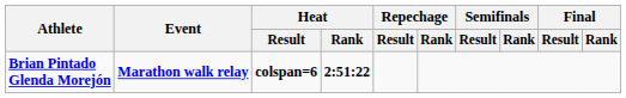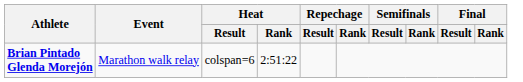 <table class="wikitable" style="font-size:90%">
 <tr>
 <th rowspan="2">Athlete</th>
 <th rowspan="2">Event</th>
 <th colspan="2">Heat</th>
 <th colspan="2">Repechage</th>
 <th colspan="2">Semifinals</th>
 <th colspan="2">Final</th>
 </tr>
 <tr style="font-size:95%">
 <th>Result</th>
 <th>Rank</th>
 <th>Result</th>
 <th>Rank</th>
 <th>Result</th>
 <th>Rank</th>
 <th>Result</th>
 <th>Rank</th>
 </tr>
 <tr align=center>
 <td align=left><strong><a href='#'>Brian Pintado</a> <br> <a href='#'>Glenda Morejón</a></strong></td>
-<td align=left><strong><a href='#'>Marathon walk relay</a></strong></td>
-<td><strong>colspan=6 </strong></td>
-<td><strong>2:51:22</strong></td>
+<td align=left><a href='#'>Marathon walk relay</a></td>
+<td>colspan=6 </td>
+<td>2:51:22</td>
 <td></td>
 </tr>
 </table>
